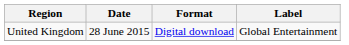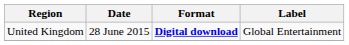 <table class=wikitable>
 <tr>
 <th>Region</th>
 <th>Date</th>
 <th>Format</th>
 <th>Label</th>
 </tr>
 <tr>
 <td>United Kingdom</td>
 <td>28 June 2015</td>
-<td><a href='#'>Digital download</a></td>
+<td><strong><a href='#'>Digital download</a></strong></td>
 <td>Global Entertainment</td>
 </tr>
 <tr>
 </tr>
 </table>
